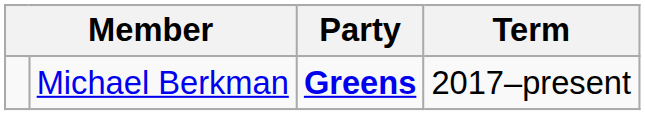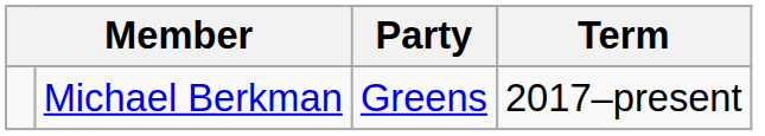 <table class="wikitable">
 <tr>
 <th colspan="2">Member</th>
 <th>Party</th>
 <th>Term</th>
 </tr>
 <tr>
 <td> </td>
 <td><a href='#'>Michael Berkman</a></td>
-<td><strong><a href='#'>Greens</a></strong></td>
+<td><a href='#'>Greens</a></td>
 <td>2017–present</td>
 </tr>
 </table>
